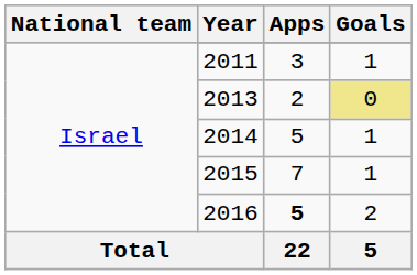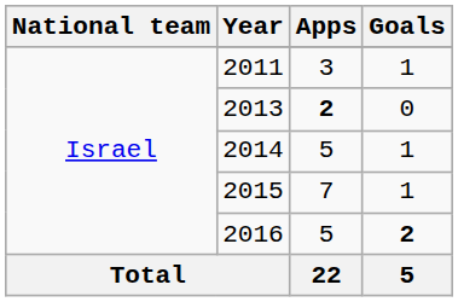 <table class="wikitable" style="text-align:center;">
 <tr>
 <th>National team</th>
 <th>Year</th>
 <th>Apps</th>
 <th>Goals</th>
 </tr>
 <tr>
 <td rowspan="6"><a href='#'>Israel</a></td>
 </tr>
 <tr>
 <td>2011</td>
 <td>3</td>
 <td>1</td>
 </tr>
 <tr>
 <td>2013</td>
-<td>2</td>
-<td style="background: khaki;">0</td>
+<td><strong>2</strong></td>
+<td>0</td>
 </tr>
 <tr>
 <td>2014</td>
 <td>5</td>
 <td>1</td>
 </tr>
 <tr>
 <td>2015</td>
 <td>7</td>
 <td>1</td>
 </tr>
 <tr>
 <td>2016</td>
-<td><strong>5</strong></td>
-<td>2</td>
+<td>5</td>
+<td><strong>2</strong></td>
 </tr>
 <tr>
 <th colspan=2>Total</th>
 <th>22</th>
 <th>5</th>
 </tr>
 </table>
